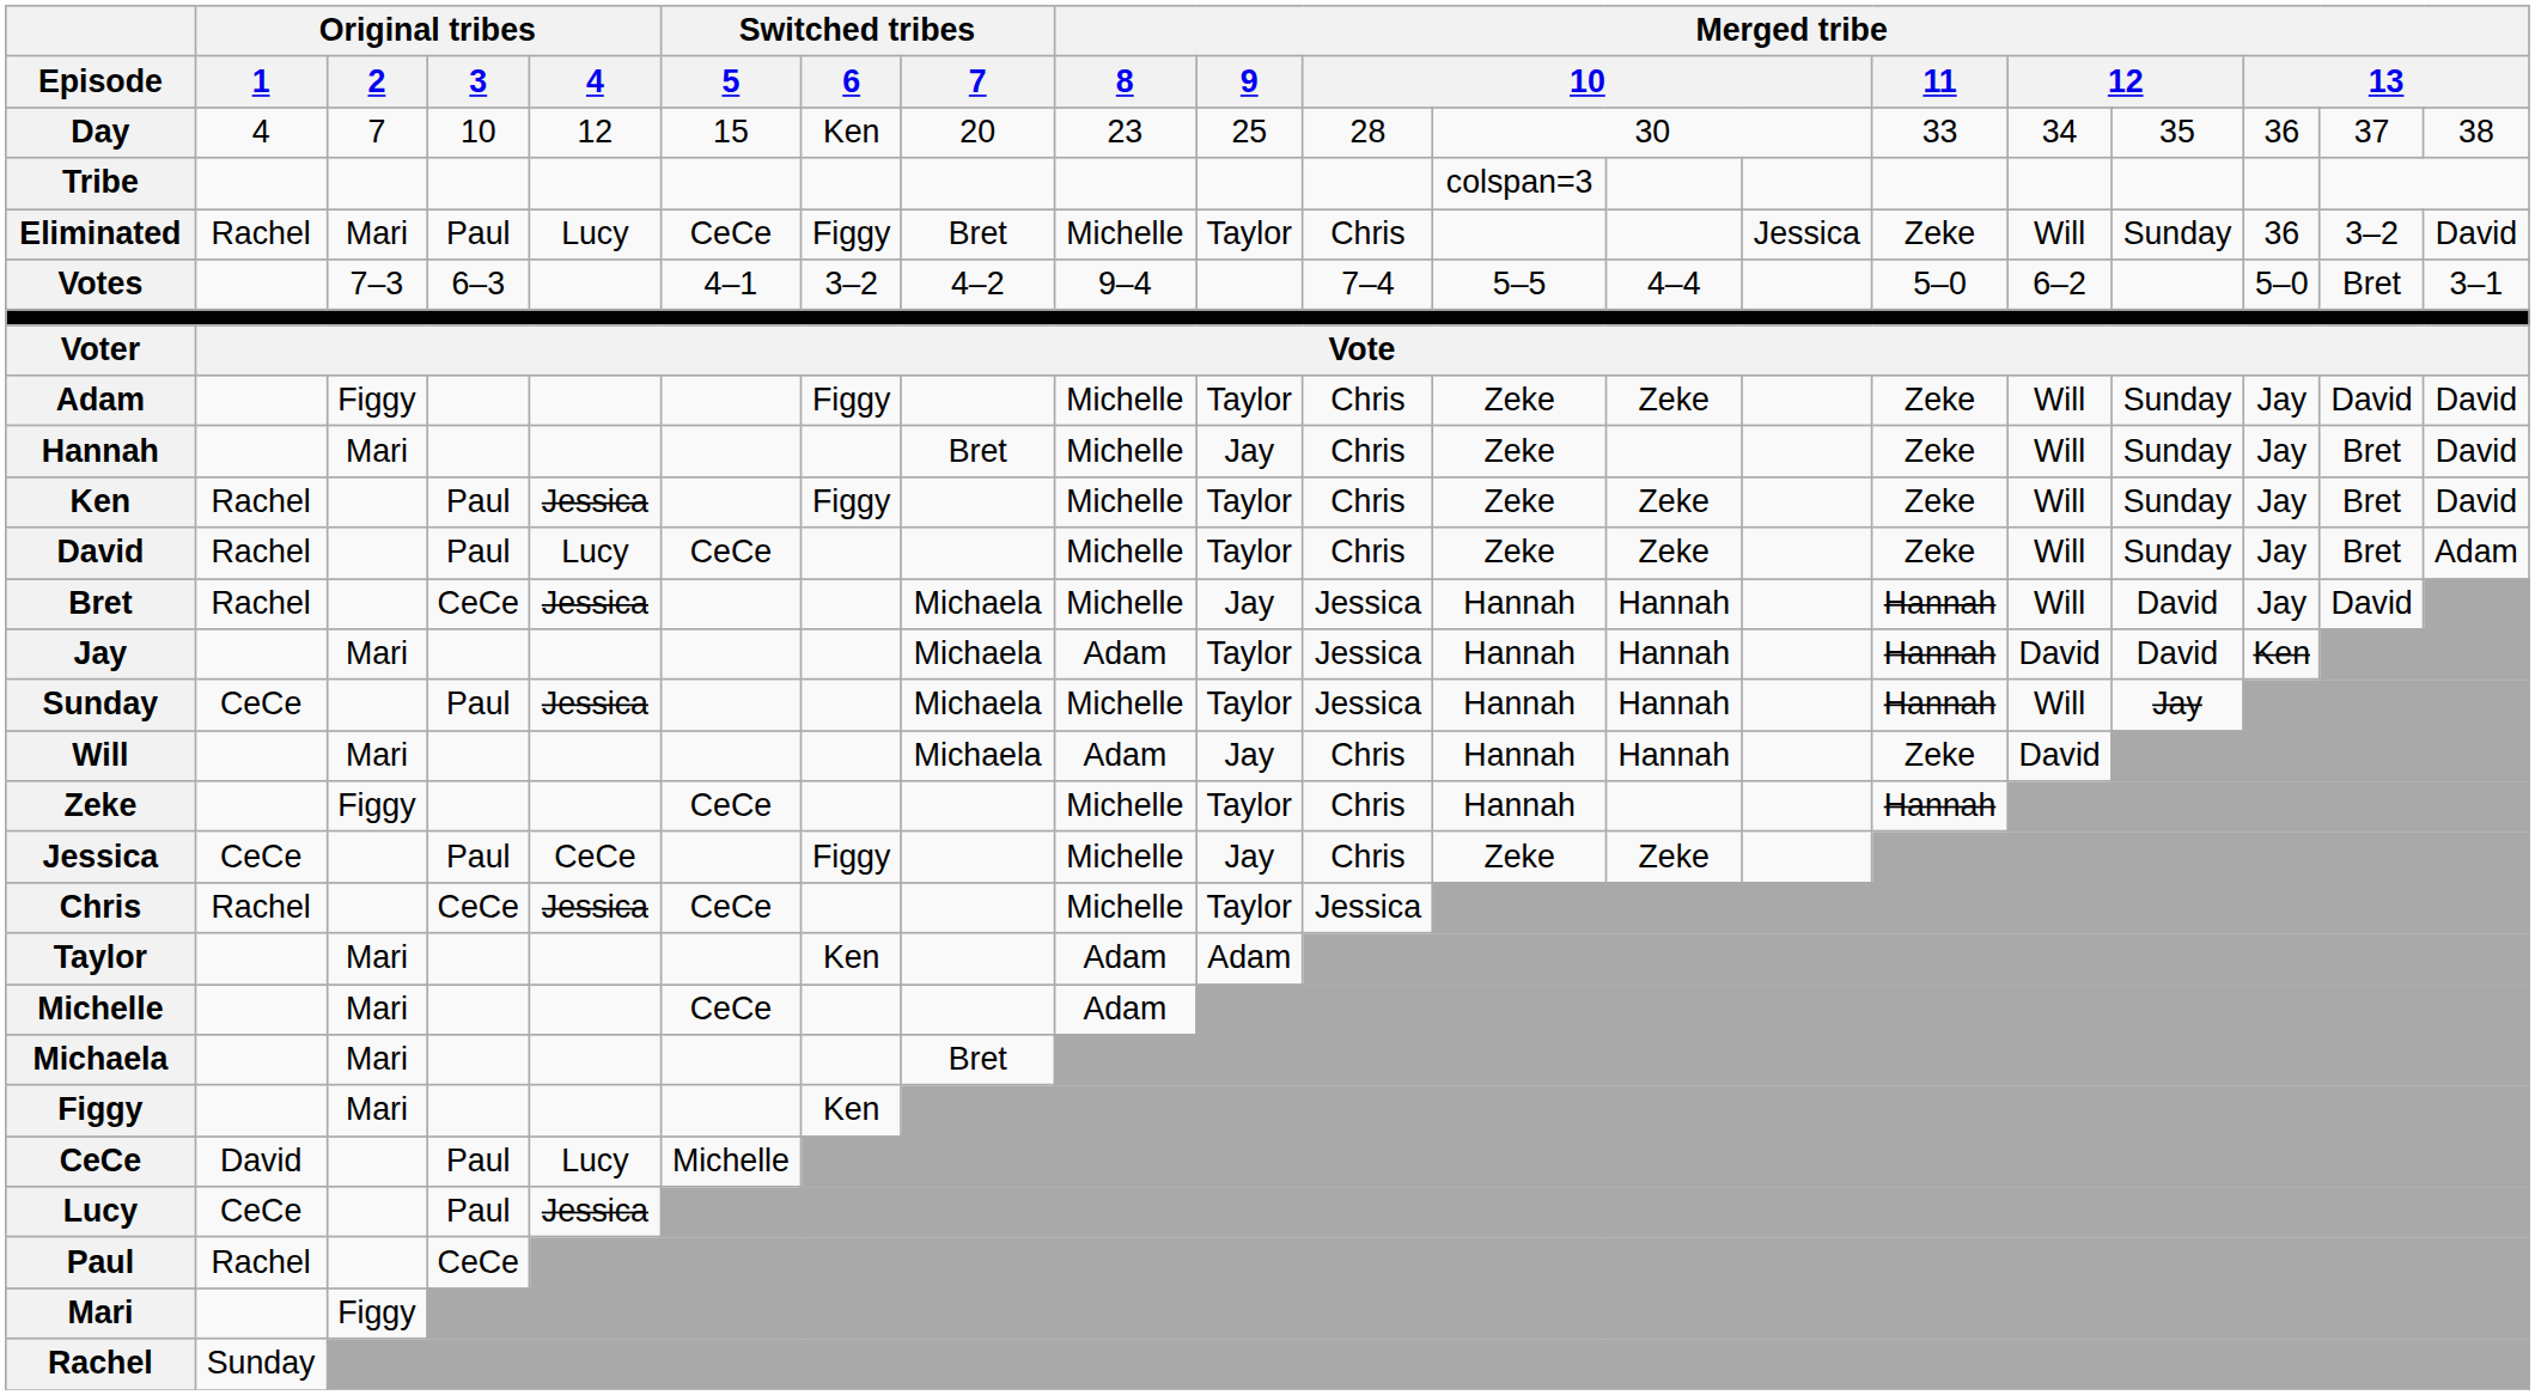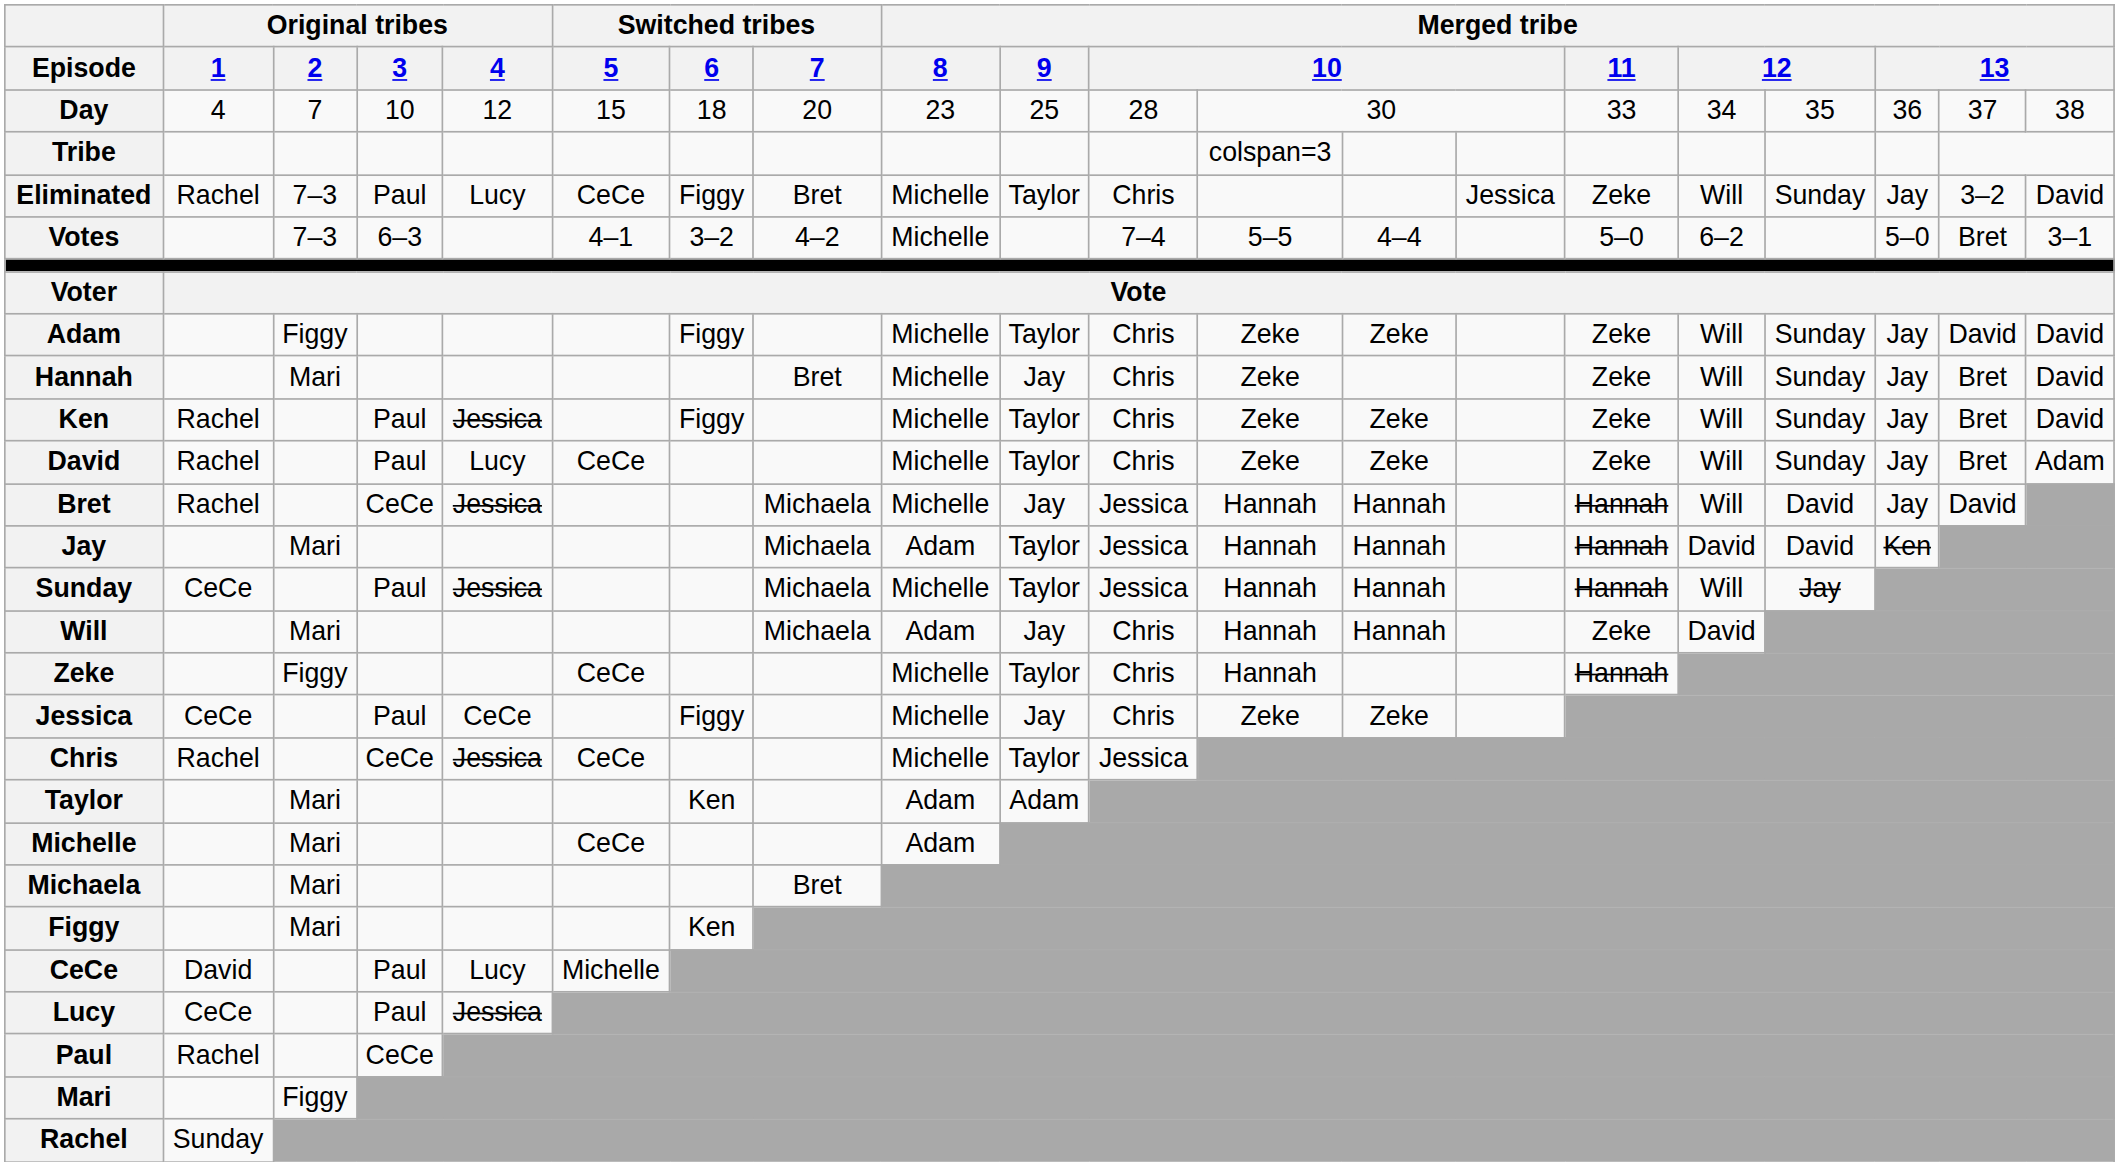 <table class="wikitable" style="text-align:center; width:100%">
 <tr>
 <th></th>
 <th colspan="4">Original tribes</th>
 <th colspan="3">Switched tribes</th>
 <th colspan="12">Merged tribe</th>
 </tr>
 <tr>
 <th>Episode</th>
 <th><a href='#'>1</a></th>
 <th><a href='#'>2</a></th>
 <th><a href='#'>3</a></th>
 <th><a href='#'>4</a></th>
 <th><a href='#'>5</a></th>
 <th><a href='#'>6</a></th>
 <th><a href='#'>7</a></th>
 <th><a href='#'>8</a></th>
 <th><a href='#'>9</a></th>
 <th colspan="4"><a href='#'>10</a></th>
 <th><a href='#'>11</a></th>
 <th colspan="2"><a href='#'>12</a></th>
 <th colspan="3"><a href='#'>13</a></th>
 </tr>
 <tr>
 <th>Day</th>
 <td>4</td>
 <td>7</td>
 <td>10</td>
 <td>12</td>
 <td>15</td>
-<td>Ken</td>
+<td>18</td>
 <td>20</td>
 <td>23</td>
 <td>25</td>
 <td>28</td>
 <td colspan="3">30</td>
 <td>33</td>
 <td>34</td>
 <td>35</td>
 <td>36</td>
 <td>37</td>
 <td>38</td>
 </tr>
 <tr>
 <th>Tribe</th>
 <td></td>
 <td></td>
 <td></td>
 <td></td>
 <td></td>
 <td></td>
 <td></td>
 <td></td>
 <td></td>
 <td></td>
 <td>colspan=3 </td>
 <td></td>
 <td></td>
 <td></td>
 <td></td>
 <td></td>
 <td></td>
 </tr>
 <tr>
 <th>Eliminated</th>
 <td>Rachel</td>
-<td>Mari</td>
+<td>7–3</td>
 <td>Paul</td>
 <td>Lucy</td>
 <td>CeCe</td>
 <td>Figgy</td>
 <td>Bret</td>
 <td>Michelle</td>
 <td>Taylor</td>
 <td>Chris</td>
 <td></td>
 <td></td>
 <td>Jessica</td>
 <td>Zeke</td>
 <td>Will</td>
 <td>Sunday</td>
-<td>36</td>
+<td>Jay</td>
 <td>3–2</td>
 <td>David</td>
 </tr>
 <tr>
 <th>Votes</th>
 <td></td>
 <td>7–3</td>
 <td>6–3</td>
 <td></td>
 <td>4–1</td>
 <td>3–2</td>
 <td>4–2</td>
-<td>9–4</td>
+<td>Michelle</td>
 <td></td>
 <td>7–4</td>
 <td>5–5</td>
 <td>4–4</td>
 <td></td>
 <td>5–0</td>
 <td>6–2</td>
 <td></td>
 <td>5–0</td>
 <td>Bret</td>
 <td>3–1</td>
 </tr>
 <tr>
 <th colspan="22" style="background:black;"></th>
 </tr>
 <tr>
 <th>Voter</th>
 <th colspan="19">Vote</th>
 </tr>
 <tr>
 <th>Adam</th>
 <td></td>
 <td>Figgy</td>
 <td></td>
 <td></td>
 <td></td>
 <td>Figgy</td>
 <td></td>
 <td>Michelle</td>
 <td>Taylor</td>
 <td>Chris</td>
 <td>Zeke</td>
 <td>Zeke</td>
 <td></td>
 <td>Zeke</td>
 <td>Will</td>
 <td>Sunday</td>
 <td>Jay</td>
 <td>David</td>
 <td>David</td>
 </tr>
 <tr>
 <th>Hannah</th>
 <td></td>
 <td>Mari</td>
 <td></td>
 <td></td>
 <td></td>
 <td></td>
 <td>Bret</td>
 <td>Michelle</td>
 <td>Jay</td>
 <td>Chris</td>
 <td>Zeke</td>
 <td></td>
 <td></td>
 <td>Zeke</td>
 <td>Will</td>
 <td>Sunday</td>
 <td>Jay</td>
 <td>Bret</td>
 <td>David</td>
 </tr>
 <tr>
 <th>Ken</th>
 <td>Rachel</td>
 <td></td>
 <td>Paul</td>
 <td><s>Jessica</s></td>
 <td></td>
 <td>Figgy</td>
 <td></td>
 <td>Michelle</td>
 <td>Taylor</td>
 <td>Chris</td>
 <td>Zeke</td>
 <td>Zeke</td>
 <td></td>
 <td>Zeke</td>
 <td>Will</td>
 <td>Sunday</td>
 <td>Jay</td>
 <td>Bret</td>
 <td>David</td>
 </tr>
 <tr>
 <th>David</th>
 <td>Rachel</td>
 <td></td>
 <td>Paul</td>
 <td>Lucy</td>
 <td>CeCe</td>
 <td></td>
 <td></td>
 <td>Michelle</td>
 <td>Taylor</td>
 <td>Chris</td>
 <td>Zeke</td>
 <td>Zeke</td>
 <td></td>
 <td>Zeke</td>
 <td>Will</td>
 <td>Sunday</td>
 <td>Jay</td>
 <td>Bret</td>
 <td>Adam</td>
 </tr>
 <tr>
 <th>Bret</th>
 <td>Rachel</td>
 <td></td>
 <td>CeCe</td>
 <td><s>Jessica</s></td>
 <td></td>
 <td></td>
 <td>Michaela</td>
 <td>Michelle</td>
 <td>Jay</td>
 <td>Jessica</td>
 <td>Hannah</td>
 <td>Hannah</td>
 <td></td>
 <td><s>Hannah</s></td>
 <td>Will</td>
 <td>David</td>
 <td>Jay</td>
 <td>David</td>
 <td colspan="1" style="background:darkgrey"></td>
 </tr>
 <tr>
 <th>Jay</th>
 <td></td>
 <td>Mari</td>
 <td></td>
 <td></td>
 <td></td>
 <td></td>
 <td>Michaela</td>
 <td>Adam</td>
 <td>Taylor</td>
 <td>Jessica</td>
 <td>Hannah</td>
 <td>Hannah</td>
 <td></td>
 <td><s>Hannah</s></td>
 <td>David</td>
 <td>David</td>
 <td><s>Ken</s></td>
 <td colspan="2" style="background:darkgrey"></td>
 </tr>
 <tr>
 <th>Sunday</th>
 <td>CeCe</td>
 <td></td>
 <td>Paul</td>
 <td><s>Jessica</s></td>
 <td></td>
 <td></td>
 <td>Michaela</td>
 <td>Michelle</td>
 <td>Taylor</td>
 <td>Jessica</td>
 <td>Hannah</td>
 <td>Hannah</td>
 <td></td>
 <td><s>Hannah</s></td>
 <td>Will</td>
 <td><s>Jay</s></td>
 <td colspan="3" style="background:darkgrey"></td>
 </tr>
 <tr>
 <th>Will</th>
 <td></td>
 <td>Mari</td>
 <td></td>
 <td></td>
 <td></td>
 <td></td>
 <td>Michaela</td>
 <td>Adam</td>
 <td>Jay</td>
 <td>Chris</td>
 <td>Hannah</td>
 <td>Hannah</td>
 <td></td>
 <td>Zeke</td>
 <td>David</td>
 <td colspan="4" style="background:darkgrey"></td>
 </tr>
 <tr>
 <th>Zeke</th>
 <td></td>
 <td>Figgy</td>
 <td></td>
 <td></td>
 <td>CeCe</td>
 <td></td>
 <td></td>
 <td>Michelle</td>
 <td>Taylor</td>
 <td>Chris</td>
 <td>Hannah</td>
 <td></td>
 <td></td>
 <td><s>Hannah</s></td>
 <td colspan="5" style="background:darkgrey"></td>
 </tr>
 <tr>
 <th>Jessica</th>
 <td>CeCe</td>
 <td></td>
 <td>Paul</td>
 <td>CeCe</td>
 <td></td>
 <td>Figgy</td>
 <td></td>
 <td>Michelle</td>
 <td>Jay</td>
 <td>Chris</td>
 <td>Zeke</td>
 <td>Zeke</td>
 <td></td>
 <td colspan="6" style="background:darkgrey"></td>
 </tr>
 <tr>
 <th>Chris</th>
 <td>Rachel</td>
 <td></td>
 <td>CeCe</td>
 <td><s>Jessica</s></td>
 <td>CeCe</td>
 <td></td>
 <td></td>
 <td>Michelle</td>
 <td>Taylor</td>
 <td>Jessica</td>
 <td colspan="9" style="background:darkgrey"></td>
 </tr>
 <tr>
 <th>Taylor</th>
 <td></td>
 <td>Mari</td>
 <td></td>
 <td></td>
 <td></td>
 <td>Ken</td>
 <td></td>
 <td>Adam</td>
 <td>Adam</td>
 <td colspan="10" style="background:darkgrey"></td>
 </tr>
 <tr>
 <th>Michelle</th>
 <td></td>
 <td>Mari</td>
 <td></td>
 <td></td>
 <td>CeCe</td>
 <td></td>
 <td></td>
 <td>Adam</td>
 <td colspan="11" style="background:darkgrey"></td>
 </tr>
 <tr>
 <th>Michaela</th>
 <td></td>
 <td>Mari</td>
 <td></td>
 <td></td>
 <td></td>
 <td></td>
 <td>Bret</td>
 <td colspan="12" style="background:darkgrey"></td>
 </tr>
 <tr>
 <th>Figgy</th>
 <td></td>
 <td>Mari</td>
 <td></td>
 <td></td>
 <td></td>
 <td>Ken</td>
 <td colspan="13" style="background:darkgrey;"></td>
 </tr>
 <tr>
 <th>CeCe</th>
 <td>David</td>
 <td></td>
 <td>Paul</td>
 <td>Lucy</td>
 <td>Michelle</td>
 <td colspan="14" style="background:darkgrey;"></td>
 </tr>
 <tr>
 <th>Lucy</th>
 <td>CeCe</td>
 <td></td>
 <td>Paul</td>
 <td><s>Jessica</s></td>
 <td colspan="15" style="background:darkgrey;"></td>
 </tr>
 <tr>
 <th>Paul</th>
 <td>Rachel</td>
 <td></td>
 <td>CeCe</td>
 <td colspan="16" style="background:darkgrey;"></td>
 </tr>
 <tr>
 <th>Mari</th>
 <td></td>
 <td>Figgy</td>
 <td colspan="17" style="background:darkgrey;"></td>
 </tr>
 <tr>
 <th>Rachel</th>
 <td>Sunday</td>
 <td colspan="18" style="background:darkgrey;"></td>
 </tr>
 </table>
